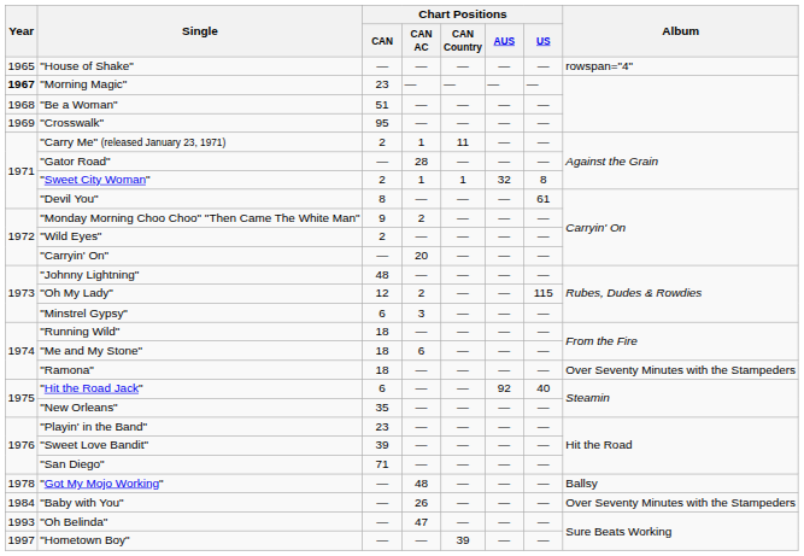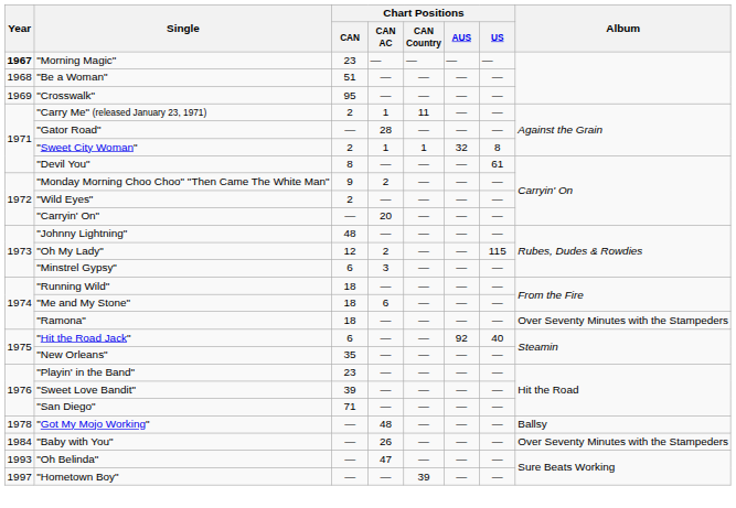 <table class="wikitable">
 <tr>
 <th rowspan="2">Year</th>
 <th rowspan="2">Single</th>
 <th colspan="5">Chart Positions</th>
 <th rowspan="2">Album</th>
 </tr>
 <tr>
 <th style="width:45px;"><small>CAN<br></small></th>
 <th style="width:45px;"><small>CAN AC</small></th>
 <th style="width:45px;"><small>CAN Country</small></th>
 <th style="width:45px;"><small><a href='#'>AUS</a></small></th>
 <th style="width:45px;"><small><a href='#'>US</a></small><br></th>
-</tr>
-<tr>
-<td>1965</td>
-<td>"House of Shake"</td>
-<td style="text-align:center;">—</td>
-<td style="text-align:center;">—</td>
-<td style="text-align:center;">—</td>
-<td style="text-align:center;">—</td>
-<td style="text-align:center;">—</td>
-<td>rowspan="4" </td>
 </tr>
 <tr>
 <td><strong>1967</strong></td>
 <td>"Morning Magic"</td>
 <td style="text-align:center;">23</td>
 <td>—</td>
 <td>—</td>
 <td>—</td>
 <td>—</td>
 </tr>
 <tr>
 <td>1968</td>
 <td>"Be a Woman"</td>
 <td style="text-align:center;">51</td>
 <td style="text-align:center;">—</td>
 <td style="text-align:center;">—</td>
 <td style="text-align:center;">—</td>
 <td style="text-align:center;">—</td>
 </tr>
 <tr>
 <td>1969</td>
 <td>"Crosswalk"</td>
 <td style="text-align:center;">95</td>
 <td style="text-align:center;">—</td>
 <td style="text-align:center;">—</td>
 <td style="text-align:center;">—</td>
 <td style="text-align:center;">—</td>
 </tr>
 <tr>
 <td rowspan="4">1971</td>
 <td>"Carry Me" <small>(released January 23, 1971)</small></td>
 <td style="text-align:center;">2</td>
 <td style="text-align:center;">1</td>
 <td style="text-align:center;">11</td>
 <td style="text-align:center;">—</td>
 <td style="text-align:center;">—</td>
 <td rowspan="3"><em>Against the Grain</em></td>
 </tr>
 <tr>
 <td>"Gator Road"</td>
 <td style="text-align:center;">—</td>
 <td style="text-align:center;">28</td>
 <td style="text-align:center;">—</td>
 <td style="text-align:center;">—</td>
 <td style="text-align:center;">—</td>
 </tr>
 <tr>
 <td>"<a href='#'>Sweet City Woman</a>"</td>
 <td style="text-align:center;">2</td>
 <td style="text-align:center;">1</td>
 <td style="text-align:center;">1</td>
 <td style="text-align:center;">32</td>
 <td style="text-align:center;">8</td>
 </tr>
 <tr>
 <td>"Devil You"</td>
 <td style="text-align:center;">8</td>
 <td style="text-align:center;">—</td>
 <td style="text-align:center;">—</td>
 <td style="text-align:center;">—</td>
 <td style="text-align:center;">61</td>
 <td rowspan="4"><em>Carryin' On</em></td>
 </tr>
 <tr>
 <td rowspan="3">1972</td>
 <td>"Monday Morning Choo Choo" "Then Came The White Man"</td>
 <td style="text-align:center;">9</td>
 <td style="text-align:center;">2</td>
 <td style="text-align:center;">—</td>
 <td style="text-align:center;">—</td>
 <td style="text-align:center;">—</td>
 </tr>
 <tr>
 <td>"Wild Eyes"</td>
 <td style="text-align:center;">2</td>
 <td style="text-align:center;">—</td>
 <td style="text-align:center;">—</td>
 <td style="text-align:center;">—</td>
 <td style="text-align:center;">—</td>
 </tr>
 <tr>
 <td>"Carryin' On"</td>
 <td style="text-align:center;">—</td>
 <td style="text-align:center;">20</td>
 <td style="text-align:center;">—</td>
 <td style="text-align:center;">—</td>
 <td style="text-align:center;">—</td>
 </tr>
 <tr>
 <td rowspan="3">1973</td>
 <td>"Johnny Lightning"</td>
 <td style="text-align:center;">48</td>
 <td style="text-align:center;">—</td>
 <td style="text-align:center;">—</td>
 <td style="text-align:center;">—</td>
 <td style="text-align:center;">—</td>
 <td rowspan="3"><em>Rubes, Dudes & Rowdies</em></td>
 </tr>
 <tr>
 <td>"Oh My Lady"</td>
 <td style="text-align:center;">12</td>
 <td style="text-align:center;">2</td>
 <td style="text-align:center;">—</td>
 <td style="text-align:center;">—</td>
 <td style="text-align:center;">115</td>
 </tr>
 <tr>
 <td>"Minstrel Gypsy"</td>
 <td style="text-align:center;">6</td>
 <td style="text-align:center;">3</td>
 <td style="text-align:center;">—</td>
 <td style="text-align:center;">—</td>
 <td style="text-align:center;">—</td>
 </tr>
 <tr>
 <td rowspan="3">1974</td>
 <td>"Running Wild"</td>
 <td style="text-align:center;">18</td>
 <td style="text-align:center;">—</td>
 <td style="text-align:center;">—</td>
 <td style="text-align:center;">—</td>
 <td style="text-align:center;">—</td>
 <td rowspan="2"><em>From the Fire</em></td>
 </tr>
 <tr>
 <td>"Me and My Stone"</td>
 <td style="text-align:center;">18</td>
 <td style="text-align:center;">6</td>
 <td style="text-align:center;">—</td>
 <td style="text-align:center;">—</td>
 <td style="text-align:center;">—</td>
 </tr>
 <tr>
 <td>"Ramona"</td>
 <td style="text-align:center;">18</td>
 <td style="text-align:center;">—</td>
 <td style="text-align:center;">—</td>
 <td style="text-align:center;">—</td>
 <td style="text-align:center;">—</td>
 <td></em>Over Seventy Minutes with the Stampeders<em></td>
 </tr>
 <tr>
 <td rowspan="2">1975</td>
 <td>"<a href='#'>Hit the Road Jack</a>"</td>
 <td style="text-align:center;">6</td>
 <td style="text-align:center;">—</td>
 <td style="text-align:center;">—</td>
 <td style="text-align:center;">92</td>
 <td style="text-align:center;">40</td>
 <td rowspan="2"><em>Steamin<strong></td>
 </tr>
 <tr>
 <td>"New Orleans"</td>
 <td style="text-align:center;">35</td>
 <td style="text-align:center;">—</td>
 <td style="text-align:center;">—</td>
 <td style="text-align:center;">—</td>
 <td style="text-align:center;">—</td>
 </tr>
 <tr>
 <td rowspan="3">1976</td>
 <td>"Playin' in the Band"</td>
 <td style="text-align:center;">23</td>
 <td style="text-align:center;">—</td>
 <td style="text-align:center;">—</td>
 <td style="text-align:center;">—</td>
 <td style="text-align:center;">—</td>
 <td rowspan="3"></em>Hit the Road<em></td>
 </tr>
 <tr>
 <td>"Sweet Love Bandit"</td>
 <td style="text-align:center;">39</td>
 <td style="text-align:center;">—</td>
 <td style="text-align:center;">—</td>
 <td style="text-align:center;">—</td>
 <td style="text-align:center;">—</td>
 </tr>
 <tr>
 <td>"San Diego"</td>
 <td style="text-align:center;">71</td>
 <td style="text-align:center;">—</td>
 <td style="text-align:center;">—</td>
 <td style="text-align:center;">—</td>
 <td style="text-align:center;">—</td>
 </tr>
 <tr>
 <td>1978</td>
 <td>"<a href='#'>Got My Mojo Working</a>"</td>
 <td style="text-align:center;">—</td>
 <td style="text-align:center;">48</td>
 <td style="text-align:center;">—</td>
 <td style="text-align:center;">—</td>
 <td style="text-align:center;">—</td>
 <td></em>Ballsy<em></td>
 </tr>
 <tr>
 <td>1984</td>
 <td>"Baby with You"</td>
 <td style="text-align:center;">—</td>
 <td style="text-align:center;">26</td>
 <td style="text-align:center;">—</td>
 <td style="text-align:center;">—</td>
 <td style="text-align:center;">—</td>
 <td></em>Over Seventy Minutes with the Stampeders<em></td>
 </tr>
 <tr>
 <td>1993</td>
 <td>"Oh Belinda"</td>
 <td style="text-align:center;">—</td>
 <td style="text-align:center;">47</td>
 <td style="text-align:center;">—</td>
 <td style="text-align:center;">—</td>
 <td style="text-align:center;">—</td>
 <td rowspan="2"></em>Sure Beats Working<em></td>
 </tr>
 <tr>
 <td>1997</td>
 <td>"Hometown Boy"</td>
 <td style="text-align:center;">—</td>
 <td style="text-align:center;">—</td>
 <td style="text-align:center;">39</td>
 <td style="text-align:center;">—</td>
 <td style="text-align:center;">—</td>
 </tr>
 </table>
